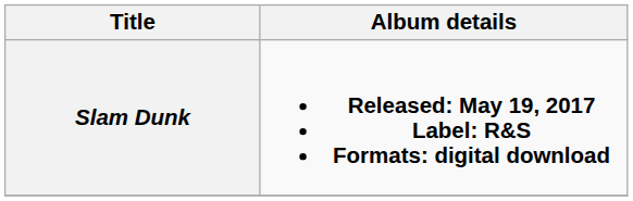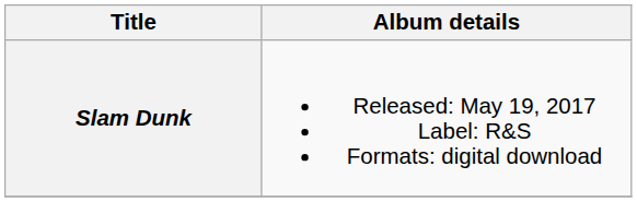 <table class="wikitable plainrowheaders" style="text-align:center;">
 <tr>
 <th scope="col" style="width:11em;">Title</th>
 <th scope="col" style="width:16em;">Album details</th>
 </tr>
 <tr>
 <th scope="row"><em>Slam Dunk</em></th>
-<td><strong><br><ul><li>Released: May 19, 2017</li><li>Label: R&S</li><li>Formats: digital download</li></ul></strong></td>
+<td><br><ul><li>Released: May 19, 2017</li><li>Label: R&S</li><li>Formats: digital download</li></ul></td>
 </tr>
 <tr>
 </tr>
 </table>
